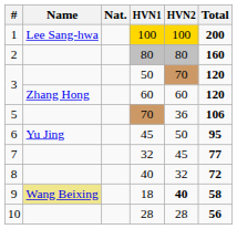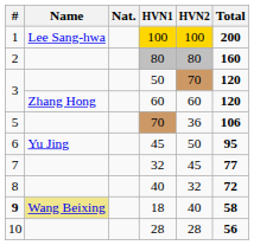 <table class="wikitable sortable" style="text-align:center;">
 <tr>
 <th>#</th>
 <th>Name</th>
 <th>Nat.</th>
 <th><small>HVN1</small></th>
 <th><small>HVN2</small></th>
 <th>Total</th>
 </tr>
 <tr>
 <td>1</td>
 <td align=left><a href='#'>Lee Sang-hwa</a></td>
 <td></td>
 <td bgcolor="gold">100</td>
 <td bgcolor="gold">100</td>
 <td><strong>200</strong></td>
 </tr>
 <tr>
 <td>2</td>
 <td align=left></td>
 <td></td>
 <td bgcolor="silver">80</td>
 <td bgcolor="silver">80</td>
 <td><strong>160</strong></td>
 </tr>
 <tr>
 <td rowspan=2>3</td>
 <td align=left></td>
 <td></td>
 <td>50</td>
 <td bgcolor=CC9966>70</td>
 <td><strong>120</strong></td>
 </tr>
 <tr>
 <td align=left><a href='#'>Zhang Hong</a></td>
 <td></td>
 <td>60</td>
 <td>60</td>
 <td><strong>120</strong></td>
 </tr>
 <tr>
 <td>5</td>
 <td align=left></td>
 <td></td>
 <td bgcolor=CC9966>70</td>
 <td>36</td>
 <td><strong>106</strong></td>
 </tr>
 <tr>
 <td>6</td>
 <td align=left><a href='#'>Yu Jing</a></td>
 <td></td>
 <td>45</td>
 <td>50</td>
 <td><strong>95</strong></td>
 </tr>
 <tr>
 <td>7</td>
 <td align=left></td>
 <td></td>
 <td>32</td>
 <td>45</td>
 <td><strong>77</strong></td>
 </tr>
 <tr>
 <td>8</td>
 <td align=left></td>
 <td></td>
 <td>40</td>
 <td>32</td>
 <td><strong>72</strong></td>
 </tr>
 <tr>
-<td>9</td>
+<td><strong>9</strong></td>
 <td align=left style="background: khaki;"><a href='#'>Wang Beixing</a></td>
 <td></td>
 <td>18</td>
-<td><strong>40</strong></td>
+<td>40</td>
 <td><strong>58</strong></td>
 </tr>
 <tr>
 <td>10</td>
 <td align=left></td>
 <td></td>
 <td>28</td>
 <td>28</td>
 <td><strong>56</strong></td>
 </tr>
 </table>
